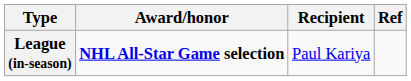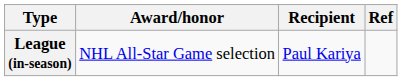 <table class="wikitable">
 <tr>
 <th scope="col">Type</th>
 <th scope="col">Award/honor</th>
 <th scope="col">Recipient</th>
 <th scope="col">Ref</th>
 </tr>
 <tr>
 <th scope="row" rowspan="4">League<br><small>(in-season)</small></th>
-<td><strong><a href='#'>NHL All-Star Game</a> selection</strong></td>
+<td><a href='#'>NHL All-Star Game</a> selection</td>
 <td><a href='#'>Paul Kariya</a></td>
 <td></td>
 </tr>
 </table>
